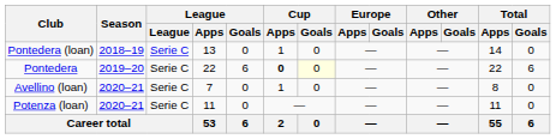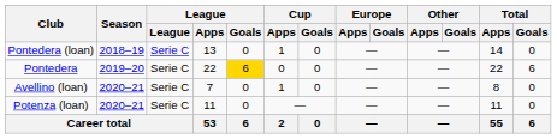 <table class="wikitable" style="text-align: center;">
 <tr>
 <th rowspan="2">Club</th>
 <th rowspan="2">Season</th>
 <th colspan="3">League</th>
 <th colspan="2">Cup</th>
 <th colspan="2">Europe</th>
 <th colspan="2">Other</th>
 <th colspan="2">Total</th>
 </tr>
 <tr>
 <th>League</th>
 <th>Apps</th>
 <th>Goals</th>
 <th>Apps</th>
 <th>Goals</th>
 <th>Apps</th>
 <th>Goals</th>
 <th>Apps</th>
 <th>Goals</th>
 <th>Apps</th>
 <th>Goals</th>
 </tr>
 <tr>
 <td><a href='#'>Pontedera</a> (loan)</td>
 <td><a href='#'>2018–19</a></td>
 <td><a href='#'>Serie C</a></td>
 <td>13</td>
 <td>0</td>
 <td>1</td>
 <td>0</td>
 <td colspan="2">—</td>
 <td colspan="2">—</td>
 <td>14</td>
 <td>0</td>
 </tr>
 <tr>
 <td><a href='#'>Pontedera</a></td>
 <td><a href='#'>2019–20</a></td>
 <td>Serie C</td>
 <td>22</td>
-<td>6</td>
-<td><strong>0</strong></td>
-<td style="background: lightyellow;">0</td>
+<td style="background: gold;">6</td>
+<td>0</td>
+<td>0</td>
 <td colspan="2">—</td>
 <td colspan="2">—</td>
 <td>22</td>
 <td>6</td>
 </tr>
 <tr>
 <td><a href='#'>Avellino</a> (loan)</td>
 <td><a href='#'>2020–21</a></td>
 <td>Serie C</td>
 <td>7</td>
 <td>0</td>
 <td>1</td>
 <td>0</td>
 <td colspan="2">—</td>
 <td colspan="2">—</td>
 <td>8</td>
 <td>0</td>
 </tr>
 <tr>
 <td><a href='#'>Potenza</a> (loan)</td>
 <td><a href='#'>2020–21</a></td>
 <td>Serie C</td>
 <td>11</td>
 <td>0</td>
 <td colspan="2">—</td>
 <td colspan="2">—</td>
 <td colspan="2">—</td>
 <td>11</td>
 <td>0</td>
 </tr>
 <tr>
 <th colspan="3">Career total</th>
 <th>53</th>
 <th>6</th>
 <th>2</th>
 <th>0</th>
 <th colspan="2">—</th>
 <th colspan="2">—</th>
 <th>55</th>
 <th>6</th>
 </tr>
 </table>
